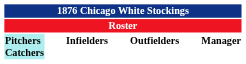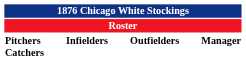 <table class="toccolours" style="font-size: 95%;">
 <tr>
 <th colspan="10" style="background-color: #0e3386; color: #FFFFFF; text-align: center;">1876 Chicago White Stockings</th>
 </tr>
 <tr>
 <td colspan="10" style="background-color: #EE1422; color: #FFFFFF; text-align: center;"><strong>Roster</strong></td>
 </tr>
 <tr>
-<td valign="top" style="background: paleturquoise;"><strong>Pitchers</strong><br> <strong>Catchers</strong> </td>
+<td valign="top"><strong>Pitchers</strong><br> <strong>Catchers</strong> </td>
 <td width="25px"></td>
 <td valign="top"><strong>Infielders</strong><br>   </td>
 <td width="25px"></td>
 <td valign="top"><strong>Outfielders</strong><br>    </td>
 <td width="25px"></td>
 <td valign="top"><strong>Manager</strong><br></td>
 </tr>
 <tr>
 </tr>
 </table>
